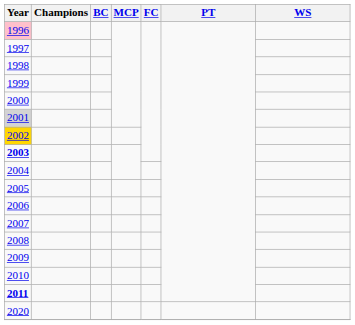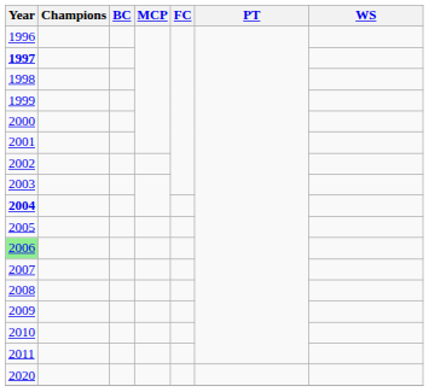 <table class="wikitable">
 <tr>
 <th>Year</th>
 <th>Champions</th>
 <th><a href='#'>BC</a></th>
 <th><a href='#'>MCP</a></th>
 <th><a href='#'>FC</a></th>
 <th style="width:8.1em;"><a href='#'>PT</a></th>
 <th style="width:8.1em;"><a href='#'>WS</a></th>
 </tr>
 <tr>
-<td style="background: pink;"><a href='#'>1996</a></td>
+<td><a href='#'>1996</a></td>
 <td></td>
 <td></td>
 <td rowspan=6></td>
 <td rowspan=8></td>
 <td rowspan=16></td>
 <td></td>
 </tr>
 <tr>
-<td><a href='#'>1997</a></td>
+<td><strong><a href='#'>1997</a></strong></td>
 <td></td>
 <td></td>
 <td></td>
 </tr>
 <tr>
 <td><a href='#'>1998</a></td>
 <td></td>
 <td></td>
 <td></td>
 </tr>
 <tr>
 <td><a href='#'>1999</a></td>
 <td></td>
 <td></td>
 <td></td>
 </tr>
 <tr>
 <td><a href='#'>2000</a></td>
 <td></td>
 <td></td>
 <td></td>
 </tr>
 <tr>
-<td style="background: lightgrey;"><a href='#'>2001</a></td>
+<td><a href='#'>2001</a></td>
 <td></td>
 <td></td>
 <td></td>
 </tr>
 <tr>
-<td style="background: gold;"><a href='#'>2002</a></td>
+<td><a href='#'>2002</a></td>
 <td></td>
 <td></td>
 <td></td>
 <td></td>
 </tr>
 <tr>
-<td><strong><a href='#'>2003</a></strong></td>
+<td><a href='#'>2003</a></td>
 <td></td>
 <td></td>
 <td rowspan="2"></td>
 <td></td>
 </tr>
 <tr>
-<td><a href='#'>2004</a></td>
+<td><strong><a href='#'>2004</a></strong></td>
 <td></td>
 <td></td>
 <td></td>
 <td></td>
 </tr>
 <tr>
 <td><a href='#'>2005</a></td>
 <td></td>
 <td></td>
 <td></td>
 <td rowspan=""></td>
 <td></td>
 </tr>
 <tr>
-<td><a href='#'>2006</a></td>
+<td style="background: lightgreen;"><a href='#'>2006</a></td>
 <td></td>
 <td></td>
 <td></td>
 <td></td>
 <td></td>
 </tr>
 <tr>
 <td><a href='#'>2007</a></td>
 <td></td>
 <td></td>
 <td></td>
 <td></td>
 <td></td>
 </tr>
 <tr>
 <td><a href='#'>2008</a></td>
 <td></td>
 <td></td>
 <td></td>
 <td></td>
 <td></td>
 </tr>
 <tr>
 <td><a href='#'>2009</a></td>
 <td></td>
 <td></td>
 <td></td>
 <td></td>
 <td></td>
 </tr>
 <tr>
 <td><a href='#'>2010</a></td>
 <td></td>
 <td></td>
 <td></td>
 <td></td>
 <td></td>
 </tr>
 <tr>
-<td><strong><a href='#'>2011</a></strong></td>
+<td><a href='#'>2011</a></td>
 <td></td>
 <td></td>
 <td></td>
 <td></td>
 <td></td>
 </tr>
 <tr>
 <td><a href='#'>2020</a></td>
 <td rowspan=></td>
 <td></td>
 <td rowspan=></td>
 <td rowspan=></td>
 <td rowspan=></td>
 <td rowspan=></td>
 </tr>
 <tr>
 </tr>
 </table>
